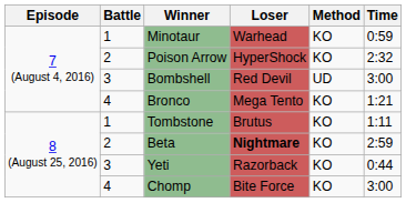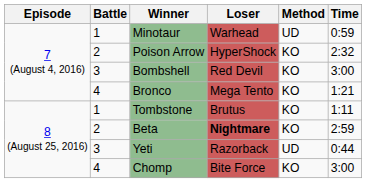 <table class="wikitable">
 <tr>
 <th>Episode</th>
 <th>Battle</th>
 <th>Winner</th>
 <th>Loser</th>
 <th>Method</th>
 <th>Time</th>
 </tr>
 <tr>
 <td style="text-align:center;" rowspan="4"><a href='#'>7</a><br><small>(August 4, 2016)</small></td>
 <td> 1</td>
 <td style="background:DarkSeaGreen;">Minotaur</td>
 <td style="background:IndianRed;">Warhead</td>
-<td>KO</td>
+<td>UD</td>
 <td>0:59</td>
 </tr>
 <tr>
 <td>2</td>
 <td style="background:DarkSeaGreen;">Poison Arrow</td>
 <td style="background:IndianRed;">HyperShock</td>
 <td>KO</td>
 <td>2:32</td>
 </tr>
 <tr>
 <td>3</td>
 <td style="background:DarkSeaGreen;">Bombshell</td>
 <td style="background:IndianRed;">Red Devil</td>
-<td>UD</td>
+<td>KO</td>
 <td>3:00</td>
 </tr>
 <tr>
 <td>4</td>
 <td style="background:DarkSeaGreen;">Bronco</td>
 <td style="background:IndianRed;">Mega Tento</td>
 <td>KO</td>
 <td>1:21</td>
 </tr>
 <tr>
 <td style="text-align:center;" rowspan="4"><a href='#'>8</a><br><small>(August 25, 2016)</small></td>
 <td> 1</td>
 <td style="background:DarkSeaGreen;">Tombstone</td>
 <td style="background:IndianRed;">Brutus</td>
 <td>KO</td>
 <td>1:11</td>
 </tr>
 <tr>
 <td> 2</td>
 <td style="background:DarkSeaGreen;">Beta</td>
 <td style="background:IndianRed;"><strong>Nightmare</strong></td>
 <td>KO</td>
 <td>2:59</td>
 </tr>
 <tr>
 <td> 3</td>
 <td style="background:DarkSeaGreen;">Yeti</td>
 <td style="background:IndianRed;">Razorback</td>
-<td>KO</td>
+<td>UD</td>
 <td>0:44</td>
 </tr>
 <tr>
 <td> 4</td>
 <td style="background:DarkSeaGreen;">Chomp</td>
 <td style="background:IndianRed;">Bite Force</td>
 <td>KO</td>
 <td>3:00</td>
 </tr>
 </table>
